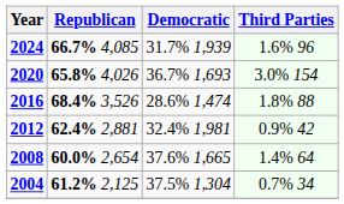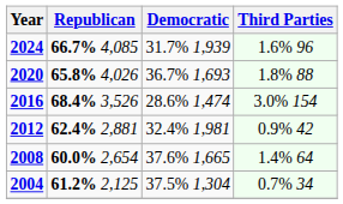 <table class="wikitable" style="float:right; font-size:95%;">
 <tr>
 <th>Year</th>
 <th><a href='#'>Republican</a></th>
 <th><a href='#'>Democratic</a></th>
 <th><a href='#'>Third Parties</a></th>
 </tr>
 <tr>
 <td style="text-align:center;" ><strong><a href='#'>2024</a></strong></td>
 <td style="text-align:center;" ><strong>66.7%</strong> <em>4,085</em></td>
 <td style="text-align:center;" >31.7%  <em>1,939</em></td>
 <td style="text-align:center; background:honeyDew;">1.6% <em>96</em></td>
 </tr>
 <tr>
 <td style="text-align:center;" ><strong><a href='#'>2020</a></strong></td>
 <td style="text-align:center;" ><strong>65.8%</strong> <em>4,026</em></td>
 <td style="text-align:center;" >36.7%  <em>1,693</em></td>
-<td style="text-align:center; background:honeyDew;">3.0% <em>154</em></td>
+<td style="text-align:center; background:honeyDew;">1.8% <em>88</em></td>
 </tr>
 <tr>
 <td style="text-align:center;" ><strong><a href='#'>2016</a></strong></td>
 <td style="text-align:center;" ><strong>68.4%</strong> <em>3,526</em></td>
 <td style="text-align:center;" >28.6% <em>1,474</em></td>
-<td style="text-align:center; background:honeyDew;">1.8% <em>88</em></td>
+<td style="text-align:center; background:honeyDew;">3.0% <em>154</em></td>
 </tr>
 <tr>
 <td style="text-align:center;" ><strong><a href='#'>2012</a></strong></td>
 <td style="text-align:center;" ><strong>62.4%</strong> <em>2,881</em></td>
 <td style="text-align:center;" >32.4%  <em>1,981</em></td>
 <td style="text-align:center; background:honeyDew;">0.9% <em>42</em></td>
 </tr>
 <tr>
 <td style="text-align:center;" ><strong><a href='#'>2008</a></strong></td>
 <td style="text-align:center;" ><strong>60.0%</strong> <em>2,654</em></td>
 <td style="text-align:center;" >37.6%  <em>1,665</em></td>
 <td style="text-align:center; background:honeyDew;">1.4% <em>64</em></td>
 </tr>
 <tr>
 <td style="text-align:center;" ><strong><a href='#'>2004</a></strong></td>
 <td style="text-align:center;" ><strong>61.2%</strong> <em>2,125</em></td>
 <td style="text-align:center;" >37.5%   <em>1,304</em></td>
 <td style="text-align:center; background:honeyDew;">0.7% <em>34</em></td>
 </tr>
 <tr>
 </tr>
 </table>
